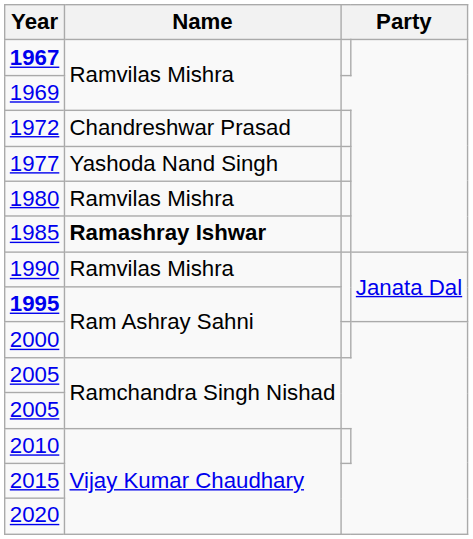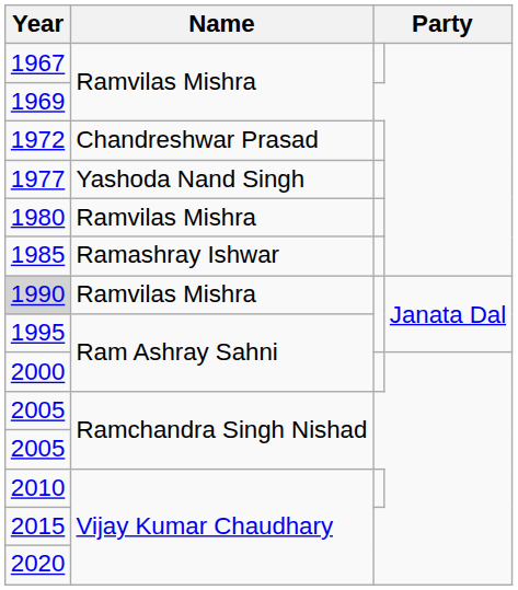 <table class="wikitable sortable">
 <tr>
 <th>Year</th>
 <th>Name</th>
 <th colspan="2">Party</th>
 </tr>
 <tr>
-<td><strong><a href='#'>1967</a></strong></td>
+<td><a href='#'>1967</a></td>
 <td rowspan="2">Ramvilas Mishra</td>
 <td></td>
 </tr>
 <tr>
 <td><a href='#'>1969</a></td>
 </tr>
 <tr>
 <td><a href='#'>1972</a></td>
 <td>Chandreshwar Prasad</td>
 <td></td>
 </tr>
 <tr>
 <td><a href='#'>1977</a></td>
 <td>Yashoda Nand Singh</td>
 <td></td>
 </tr>
 <tr>
 <td><a href='#'>1980</a></td>
 <td>Ramvilas Mishra</td>
 <td></td>
 </tr>
 <tr>
 <td><a href='#'>1985</a></td>
-<td><strong>Ramashray Ishwar</strong></td>
+<td>Ramashray Ishwar</td>
 <td></td>
 </tr>
 <tr>
-<td><a href='#'>1990</a></td>
+<td style="background: lightgrey;"><a href='#'>1990</a></td>
 <td>Ramvilas Mishra</td>
 <td rowspan="2" style="background-color :"></td>
 <td rowspan="2"><a href='#'>Janata Dal</a></td>
 </tr>
 <tr>
-<td><strong><a href='#'>1995</a></strong></td>
+<td><a href='#'>1995</a></td>
 <td rowspan="2">Ram Ashray Sahni</td>
 </tr>
 <tr>
 <td><a href='#'>2000</a></td>
 <td></td>
 </tr>
 <tr>
 <td><a href='#'>2005</a></td>
 <td rowspan="2">Ramchandra Singh Nishad</td>
 </tr>
 <tr>
 <td><a href='#'>2005</a></td>
 </tr>
 <tr>
 <td><a href='#'>2010</a></td>
 <td rowspan="3"><a href='#'>Vijay Kumar Chaudhary</a></td>
 <td></td>
 </tr>
 <tr>
 <td><a href='#'>2015</a></td>
 </tr>
 <tr>
 <td><a href='#'>2020</a></td>
 </tr>
 </table>
